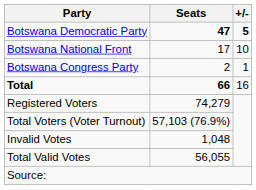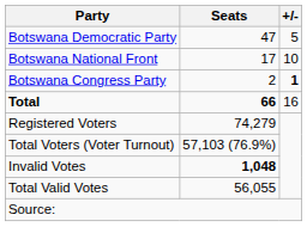 <table class=wikitable style=text-align:right>
 <tr>
 <th>Party</th>
 <th>Seats</th>
 <th>+/-</th>
 </tr>
 <tr>
 <td align=left><a href='#'>Botswana Democratic Party</a></td>
-<td><strong>47</strong></td>
-<td><strong>5</strong></td>
+<td>47</td>
+<td>5</td>
 </tr>
 <tr>
 <td align=left><a href='#'>Botswana National Front</a></td>
 <td>17</td>
 <td>10</td>
 </tr>
 <tr>
 <td align=left><a href='#'>Botswana Congress Party</a></td>
 <td>2</td>
-<td>1</td>
+<td><strong>1</strong></td>
 </tr>
 <tr>
 <td align=left><strong>Total</strong></td>
 <td><strong>66</strong></td>
 <td>16</td>
 </tr>
 <tr>
 <td align=left>Registered Voters</td>
 <td>74,279</td>
 </tr>
 <tr>
 <td align=left>Total Voters (Voter Turnout)</td>
 <td>57,103 (76.9%)</td>
 </tr>
 <tr>
 <td align=left>Invalid Votes</td>
-<td>1,048</td>
+<td><strong>1,048</strong></td>
 </tr>
 <tr>
 <td align=left>Total Valid Votes</td>
 <td>56,055</td>
 </tr>
 <tr>
 <td colspan=4 align=left>Source: </td>
 </tr>
 </table>
